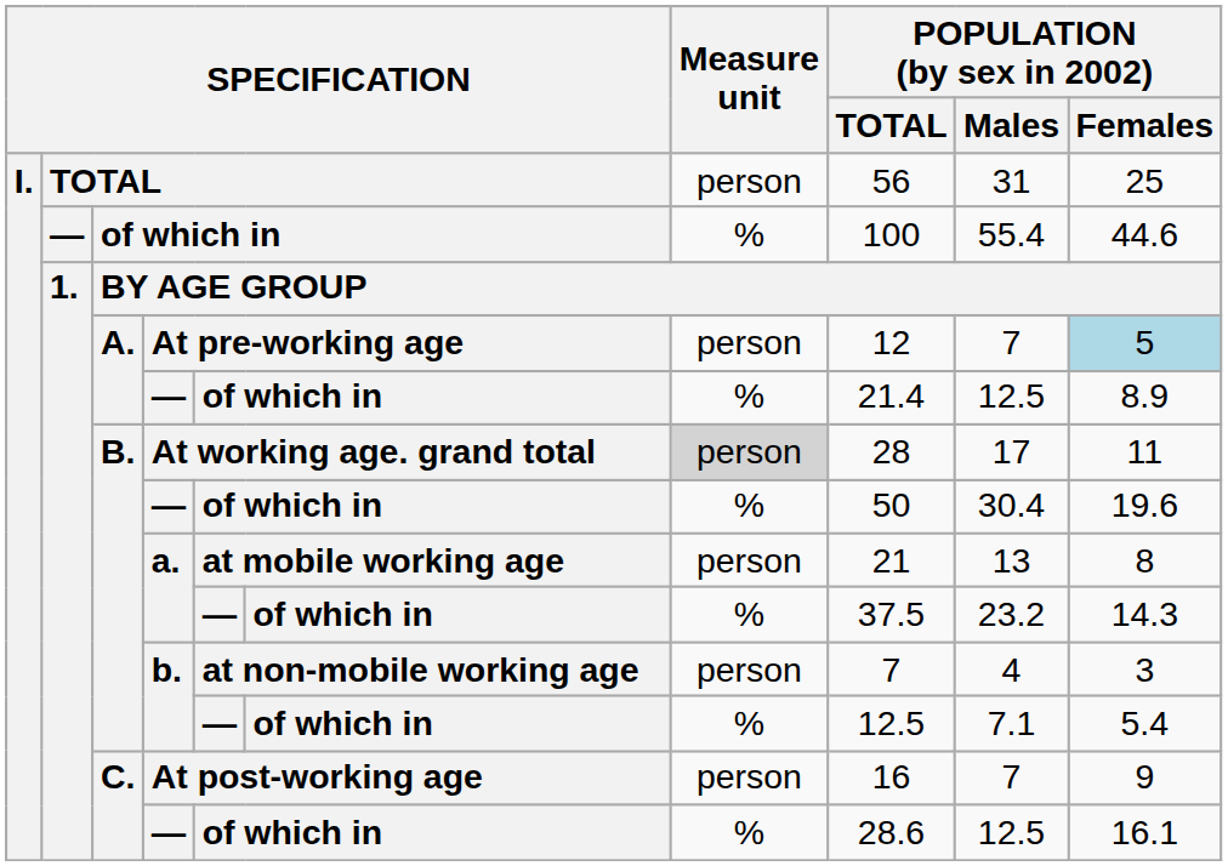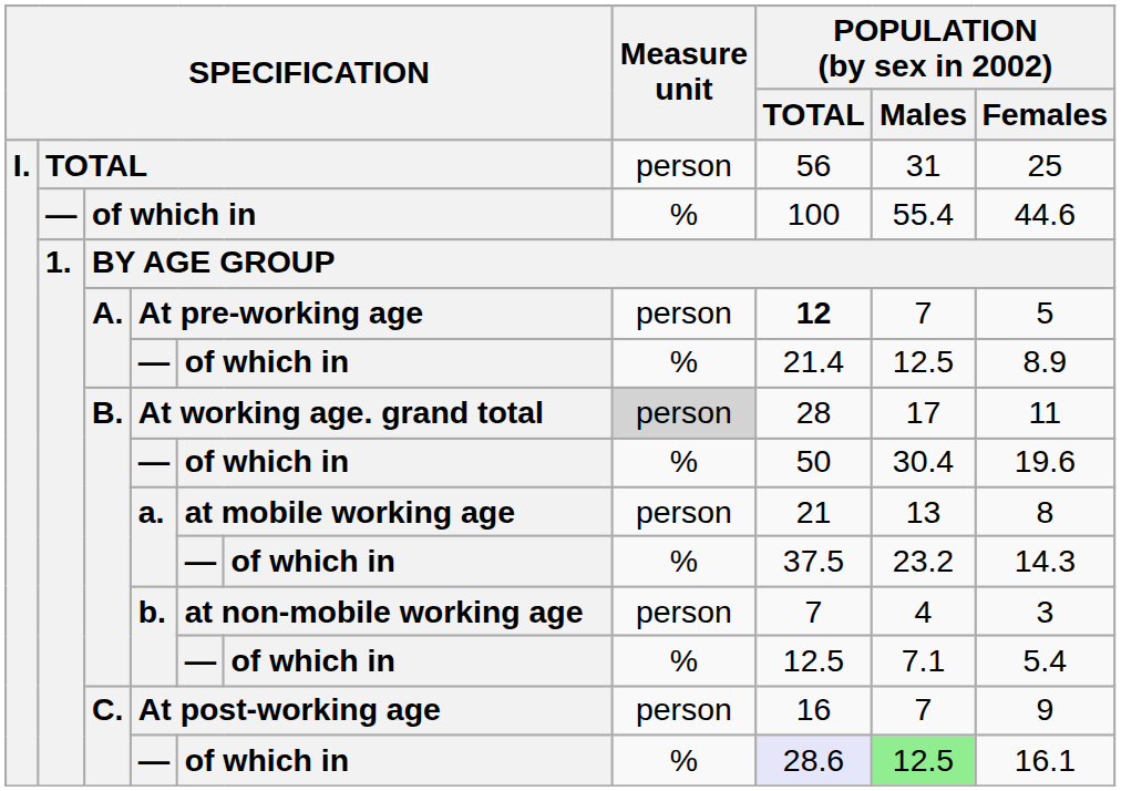 <table class="wikitable" style="font-size:85%; text-align:center">
 <tr>
 <th rowspan="2" colspan="6">SPECIFICATION</th>
 <th rowspan="2">Measure<br> unit</th>
 <th colspan="3" rowspan="1">POPULATION<br> (by sex in 2002)</th>
 </tr>
 <tr>
 <th>TOTAL</th>
 <th>Males</th>
 <th>Females</th>
 </tr>
 <tr>
 <th style="text-align:left" valign="top" rowspan="13">I.</th>
 <th style="text-align:left" colspan="5">TOTAL</th>
 <td>person</td>
 <td>56</td>
 <td>31</td>
 <td>25</td>
 </tr>
 <tr>
 <th style="text-align:left" valign="top">—</th>
 <th style="text-align:left" colspan="4">of which in</th>
 <td>%</td>
 <td>100</td>
 <td>55.4</td>
 <td>44.6</td>
 </tr>
 <tr>
 <th style="text-align:left" valign="top" rowspan="11">1.</th>
 <th style="text-align:left" colspan="19">BY AGE GROUP</th>
 </tr>
 <tr>
 <th style="text-align:left" valign="top" rowspan="2">A.</th>
 <th style="text-align:left" colspan="3">At pre-working age</th>
 <td>person</td>
-<td>12</td>
+<td><strong>12</strong></td>
 <td>7</td>
-<td style="background: lightblue;">5</td>
+<td>5</td>
 </tr>
 <tr>
 <th style="text-align:left" valign="top">—</th>
 <th style="text-align:left" valign="top" colspan="2">of which in</th>
 <td>%</td>
 <td>21.4</td>
 <td>12.5</td>
 <td>8.9</td>
 </tr>
 <tr>
 <th style="text-align:left" valign="top" rowspan="6">B.</th>
 <th style="text-align:left" colspan="3">At working age. grand total</th>
 <td style="background: lightgrey;">person</td>
 <td>28</td>
 <td>17</td>
 <td>11</td>
 </tr>
 <tr>
 <th style="text-align:left" valign="top">—</th>
 <th style="text-align:left" valign="top" colspan="2">of which in</th>
 <td>%</td>
 <td>50</td>
 <td>30.4</td>
 <td>19.6</td>
 </tr>
 <tr>
 <th style="text-align:left" valign="top" rowspan="2">a.</th>
 <th style="text-align:left" colspan="2">at mobile working age</th>
 <td>person</td>
 <td>21</td>
 <td>13</td>
 <td>8</td>
 </tr>
 <tr>
 <th style="text-align:left" valign="top">—</th>
 <th style="text-align:left" valign="top" colspan="1">of which in                        </th>
 <td>%</td>
 <td>37.5</td>
 <td>23.2</td>
 <td>14.3</td>
 </tr>
 <tr>
 <th style="text-align:left" valign="top" rowspan="2">b.</th>
 <th style="text-align:left" colspan="2">at non-mobile working age</th>
 <td>person</td>
 <td>7</td>
 <td>4</td>
 <td>3</td>
 </tr>
 <tr>
 <th style="text-align:left" valign="top">—</th>
 <th style="text-align:left" valign="top" colspan="1">of which in                        </th>
 <td>%</td>
 <td>12.5</td>
 <td>7.1</td>
 <td>5.4</td>
 </tr>
 <tr>
 <th style="text-align:left" valign="top" rowspan="2">C.</th>
 <th style="text-align:left" colspan="3">At post-working age</th>
 <td>person</td>
 <td>16</td>
 <td>7</td>
 <td>9</td>
 </tr>
 <tr>
 <th style="text-align:left" valign="top">—</th>
 <th style="text-align:left" valign="top" colspan="2">of which in</th>
 <td>%</td>
-<td>28.6</td>
-<td>12.5</td>
+<td style="background: lavender;">28.6</td>
+<td style="background: lightgreen;">12.5</td>
 <td>16.1</td>
 </tr>
 </table>
